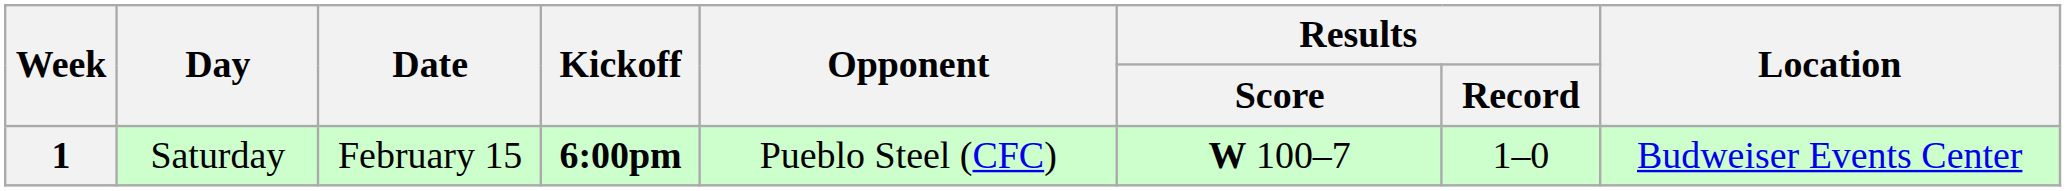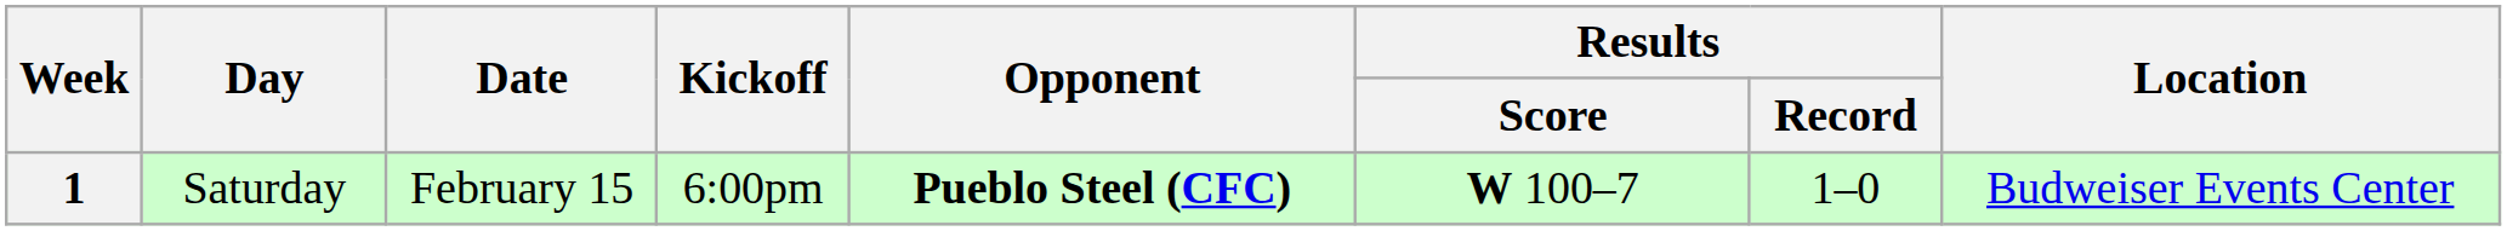 <table class="wikitable">
 <tr>
 <th rowspan="2" width="40">Week</th>
 <th rowspan="2" width="80">Day</th>
 <th rowspan="2" width="90">Date</th>
 <th rowspan="2" width="60">Kickoff</th>
 <th rowspan="2" width="180">Opponent</th>
 <th colspan="2" width="200">Results</th>
 <th rowspan="2" width="200">Location</th>
 </tr>
 <tr>
 <th width="140">Score</th>
 <th width="60">Record</th>
 </tr>
 <tr align="center" bgcolor="#CCFFCC">
 <th>1</th>
 <td>Saturday</td>
 <td>February 15</td>
-<td><strong>6:00pm</strong></td>
-<td>Pueblo Steel (<a href='#'>CFC</a>)</td>
+<td>6:00pm</td>
+<td><strong>Pueblo Steel (<a href='#'>CFC</a>)</strong></td>
 <td><strong>W</strong> 100–7</td>
 <td>1–0</td>
 <td><a href='#'>Budweiser Events Center</a></td>
 </tr>
 </table>
